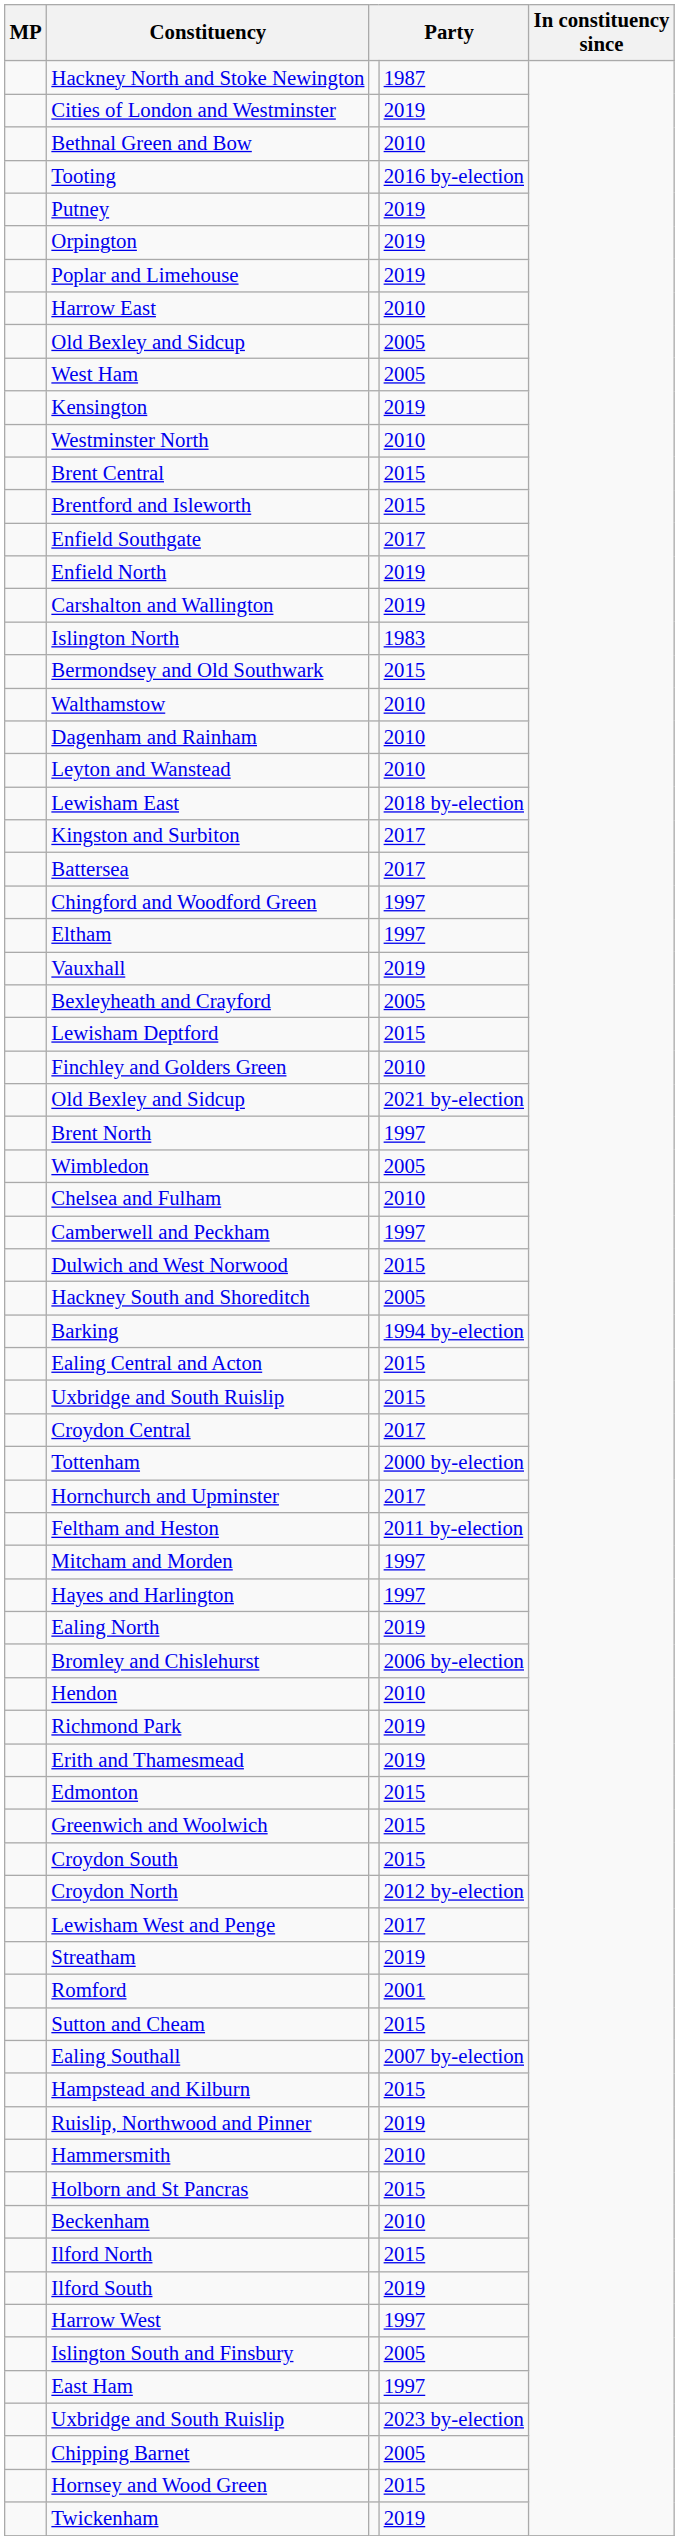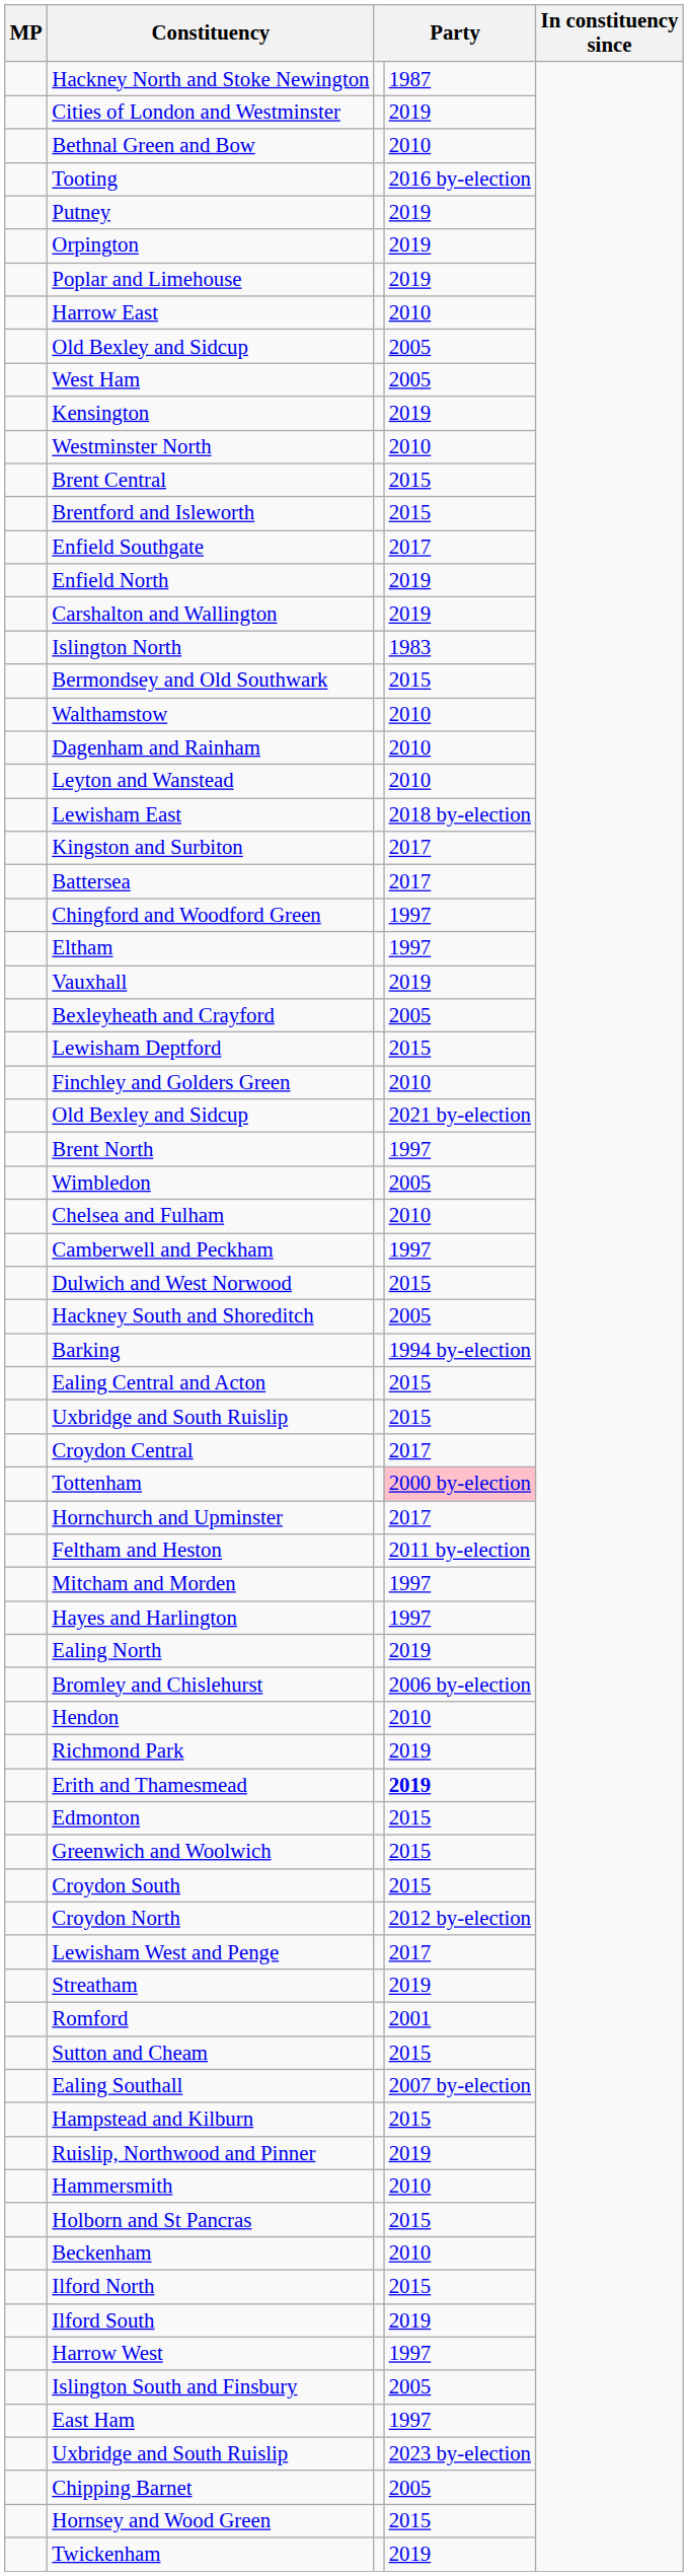 <table class="wikitable sortable">
 <tr>
 <th>MP</th>
 <th>Constituency</th>
 <th colspan=2>Party</th>
 <th>In constituency<br>since</th>
 </tr>
 <tr>
 <td></td>
 <td><a href='#'>Hackney North and Stoke Newington</a></td>
 <td></td>
 <td><a href='#'>1987</a></td>
 </tr>
 <tr>
 <td></td>
 <td><a href='#'>Cities of London and Westminster</a></td>
 <td></td>
 <td><a href='#'>2019</a></td>
 </tr>
 <tr>
 <td></td>
 <td><a href='#'>Bethnal Green and Bow</a></td>
 <td></td>
 <td><a href='#'>2010</a></td>
 </tr>
 <tr>
 <td></td>
 <td><a href='#'>Tooting</a></td>
 <td></td>
 <td><a href='#'>2016 by-election</a></td>
 </tr>
 <tr>
 <td></td>
 <td><a href='#'>Putney</a></td>
 <td></td>
 <td><a href='#'>2019</a></td>
 </tr>
 <tr>
 <td></td>
 <td><a href='#'>Orpington</a></td>
 <td></td>
 <td><a href='#'>2019</a></td>
 </tr>
 <tr>
 <td></td>
 <td><a href='#'>Poplar and Limehouse</a></td>
 <td></td>
 <td><a href='#'>2019</a></td>
 </tr>
 <tr>
 <td></td>
 <td><a href='#'>Harrow East</a></td>
 <td></td>
 <td><a href='#'>2010</a></td>
 </tr>
 <tr>
 <td><em></em></td>
 <td><a href='#'>Old Bexley and Sidcup</a></td>
 <td></td>
 <td><a href='#'>2005</a></td>
 </tr>
 <tr>
 <td></td>
 <td><a href='#'>West Ham</a></td>
 <td></td>
 <td><a href='#'>2005</a></td>
 </tr>
 <tr>
 <td></td>
 <td><a href='#'>Kensington</a></td>
 <td></td>
 <td><a href='#'>2019</a></td>
 </tr>
 <tr>
 <td></td>
 <td><a href='#'>Westminster North</a></td>
 <td></td>
 <td><a href='#'>2010</a></td>
 </tr>
 <tr>
 <td></td>
 <td><a href='#'>Brent Central</a></td>
 <td></td>
 <td><a href='#'>2015</a></td>
 </tr>
 <tr>
 <td></td>
 <td><a href='#'>Brentford and Isleworth</a></td>
 <td></td>
 <td><a href='#'>2015</a></td>
 </tr>
 <tr>
 <td></td>
 <td><a href='#'>Enfield Southgate</a></td>
 <td></td>
 <td><a href='#'>2017</a></td>
 </tr>
 <tr>
 <td></td>
 <td><a href='#'>Enfield North</a></td>
 <td></td>
 <td><a href='#'>2019</a></td>
 </tr>
 <tr>
 <td></td>
 <td><a href='#'>Carshalton and Wallington</a></td>
 <td></td>
 <td><a href='#'>2019</a></td>
 </tr>
 <tr>
 <td></td>
 <td><a href='#'>Islington North</a></td>
 <td></td>
 <td><a href='#'>1983</a></td>
 </tr>
 <tr>
 <td></td>
 <td><a href='#'>Bermondsey and Old Southwark</a></td>
 <td></td>
 <td><a href='#'>2015</a></td>
 </tr>
 <tr>
 <td></td>
 <td><a href='#'>Walthamstow</a></td>
 <td></td>
 <td><a href='#'>2010</a></td>
 </tr>
 <tr>
 <td></td>
 <td><a href='#'>Dagenham and Rainham</a></td>
 <td></td>
 <td><a href='#'>2010</a></td>
 </tr>
 <tr>
 <td></td>
 <td><a href='#'>Leyton and Wanstead</a></td>
 <td></td>
 <td><a href='#'>2010</a></td>
 </tr>
 <tr>
 <td></td>
 <td><a href='#'>Lewisham East</a></td>
 <td></td>
 <td><a href='#'>2018 by-election</a></td>
 </tr>
 <tr>
 <td></td>
 <td><a href='#'>Kingston and Surbiton</a></td>
 <td></td>
 <td><a href='#'>2017</a></td>
 </tr>
 <tr>
 <td></td>
 <td><a href='#'>Battersea</a></td>
 <td></td>
 <td><a href='#'>2017</a></td>
 </tr>
 <tr>
 <td></td>
 <td><a href='#'>Chingford and Woodford Green</a></td>
 <td></td>
 <td><a href='#'>1997</a></td>
 </tr>
 <tr>
 <td></td>
 <td><a href='#'>Eltham</a></td>
 <td></td>
 <td><a href='#'>1997</a></td>
 </tr>
 <tr>
 <td></td>
 <td><a href='#'>Vauxhall</a></td>
 <td></td>
 <td><a href='#'>2019</a></td>
 </tr>
 <tr>
 <td></td>
 <td><a href='#'>Bexleyheath and Crayford</a></td>
 <td></td>
 <td><a href='#'>2005</a></td>
 </tr>
 <tr>
 <td></td>
 <td><a href='#'>Lewisham Deptford</a></td>
 <td></td>
 <td><a href='#'>2015</a></td>
 </tr>
 <tr>
 <td></td>
 <td><a href='#'>Finchley and Golders Green</a></td>
 <td></td>
 <td><a href='#'>2010</a></td>
 </tr>
 <tr>
 <td></td>
 <td><a href='#'>Old Bexley and Sidcup</a></td>
 <td></td>
 <td><a href='#'>2021 by-election</a></td>
 </tr>
 <tr>
 <td></td>
 <td><a href='#'>Brent North</a></td>
 <td></td>
 <td><a href='#'>1997</a></td>
 </tr>
 <tr>
 <td></td>
 <td><a href='#'>Wimbledon</a></td>
 <td></td>
 <td><a href='#'>2005</a></td>
 </tr>
 <tr>
 <td></td>
 <td><a href='#'>Chelsea and Fulham</a></td>
 <td></td>
 <td><a href='#'>2010</a></td>
 </tr>
 <tr>
 <td></td>
 <td><a href='#'>Camberwell and Peckham</a></td>
 <td></td>
 <td><a href='#'>1997</a></td>
 </tr>
 <tr>
 <td></td>
 <td><a href='#'>Dulwich and West Norwood</a></td>
 <td></td>
 <td><a href='#'>2015</a></td>
 </tr>
 <tr>
 <td></td>
 <td><a href='#'>Hackney South and Shoreditch</a></td>
 <td></td>
 <td><a href='#'>2005</a></td>
 </tr>
 <tr>
 <td></td>
 <td><a href='#'>Barking</a></td>
 <td></td>
 <td><a href='#'>1994 by-election</a></td>
 </tr>
 <tr>
 <td></td>
 <td><a href='#'>Ealing Central and Acton</a></td>
 <td></td>
 <td><a href='#'>2015</a></td>
 </tr>
 <tr>
 <td><em></em></td>
 <td><a href='#'>Uxbridge and South Ruislip</a></td>
 <td></td>
 <td><a href='#'>2015</a></td>
 </tr>
 <tr>
 <td></td>
 <td><a href='#'>Croydon Central</a></td>
 <td></td>
 <td><a href='#'>2017</a></td>
 </tr>
 <tr>
 <td></td>
 <td><a href='#'>Tottenham</a></td>
 <td></td>
-<td><a href='#'>2000 by-election</a></td>
+<td style="background: pink;"><a href='#'>2000 by-election</a></td>
 </tr>
 <tr>
 <td></td>
 <td><a href='#'>Hornchurch and Upminster</a></td>
 <td></td>
 <td><a href='#'>2017</a></td>
 </tr>
 <tr>
 <td></td>
 <td><a href='#'>Feltham and Heston</a></td>
 <td></td>
 <td><a href='#'>2011 by-election</a></td>
 </tr>
 <tr>
 <td></td>
 <td><a href='#'>Mitcham and Morden</a></td>
 <td></td>
 <td><a href='#'>1997</a></td>
 </tr>
 <tr>
 <td></td>
 <td><a href='#'>Hayes and Harlington</a></td>
 <td></td>
 <td><a href='#'>1997</a></td>
 </tr>
 <tr>
 <td></td>
 <td><a href='#'>Ealing North</a></td>
 <td></td>
 <td><a href='#'>2019</a></td>
 </tr>
 <tr>
 <td></td>
 <td><a href='#'>Bromley and Chislehurst</a></td>
 <td></td>
 <td><a href='#'>2006 by-election</a></td>
 </tr>
 <tr>
 <td></td>
 <td><a href='#'>Hendon</a></td>
 <td></td>
 <td><a href='#'>2010</a></td>
 </tr>
 <tr>
 <td></td>
 <td><a href='#'>Richmond Park</a></td>
 <td></td>
 <td><a href='#'>2019</a></td>
 </tr>
 <tr>
 <td></td>
 <td><a href='#'>Erith and Thamesmead</a></td>
 <td></td>
-<td><a href='#'>2019</a></td>
+<td><strong><a href='#'>2019</a></strong></td>
 </tr>
 <tr>
 <td></td>
 <td><a href='#'>Edmonton</a></td>
 <td></td>
 <td><a href='#'>2015</a></td>
 </tr>
 <tr>
 <td></td>
 <td><a href='#'>Greenwich and Woolwich</a></td>
 <td></td>
 <td><a href='#'>2015</a></td>
 </tr>
 <tr>
 <td></td>
 <td><a href='#'>Croydon South</a></td>
 <td></td>
 <td><a href='#'>2015</a></td>
 </tr>
 <tr>
 <td></td>
 <td><a href='#'>Croydon North</a></td>
 <td></td>
 <td><a href='#'>2012 by-election</a></td>
 </tr>
 <tr>
 <td></td>
 <td><a href='#'>Lewisham West and Penge</a></td>
 <td></td>
 <td><a href='#'>2017</a></td>
 </tr>
 <tr>
 <td></td>
 <td><a href='#'>Streatham</a></td>
 <td></td>
 <td><a href='#'>2019</a></td>
 </tr>
 <tr>
 <td></td>
 <td><a href='#'>Romford</a></td>
 <td></td>
 <td><a href='#'>2001</a></td>
 </tr>
 <tr>
 <td></td>
 <td><a href='#'>Sutton and Cheam</a></td>
 <td></td>
 <td><a href='#'>2015</a></td>
 </tr>
 <tr>
 <td></td>
 <td><a href='#'>Ealing Southall</a></td>
 <td></td>
 <td><a href='#'>2007 by-election</a></td>
 </tr>
 <tr>
 <td></td>
 <td><a href='#'>Hampstead and Kilburn</a></td>
 <td></td>
 <td><a href='#'>2015</a></td>
 </tr>
 <tr>
 <td></td>
 <td><a href='#'>Ruislip, Northwood and Pinner</a></td>
 <td></td>
 <td><a href='#'>2019</a></td>
 </tr>
 <tr>
 <td></td>
 <td><a href='#'>Hammersmith</a></td>
 <td></td>
 <td><a href='#'>2010</a></td>
 </tr>
 <tr>
 <td></td>
 <td><a href='#'>Holborn and St Pancras</a></td>
 <td></td>
 <td><a href='#'>2015</a></td>
 </tr>
 <tr>
 <td></td>
 <td><a href='#'>Beckenham</a></td>
 <td></td>
 <td><a href='#'>2010</a></td>
 </tr>
 <tr>
 <td></td>
 <td><a href='#'>Ilford North</a></td>
 <td></td>
 <td><a href='#'>2015</a></td>
 </tr>
 <tr>
 <td></td>
 <td><a href='#'>Ilford South</a></td>
 <td></td>
 <td><a href='#'>2019</a></td>
 </tr>
 <tr>
 <td></td>
 <td><a href='#'>Harrow West</a></td>
 <td></td>
 <td><a href='#'>1997</a></td>
 </tr>
 <tr>
 <td></td>
 <td><a href='#'>Islington South and Finsbury</a></td>
 <td></td>
 <td><a href='#'>2005</a></td>
 </tr>
 <tr>
 <td></td>
 <td><a href='#'>East Ham</a></td>
 <td></td>
 <td><a href='#'>1997</a></td>
 </tr>
 <tr>
 <td></td>
 <td><a href='#'>Uxbridge and South Ruislip</a></td>
 <td></td>
 <td><a href='#'>2023 by-election</a></td>
 </tr>
 <tr>
 <td></td>
 <td><a href='#'>Chipping Barnet</a></td>
 <td></td>
 <td><a href='#'>2005</a></td>
 </tr>
 <tr>
 <td></td>
 <td><a href='#'>Hornsey and Wood Green</a></td>
 <td></td>
 <td><a href='#'>2015</a></td>
 </tr>
 <tr>
 <td></td>
 <td><a href='#'>Twickenham</a></td>
 <td></td>
 <td><a href='#'>2019</a></td>
 </tr>
 </table>
